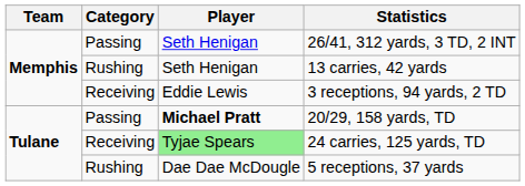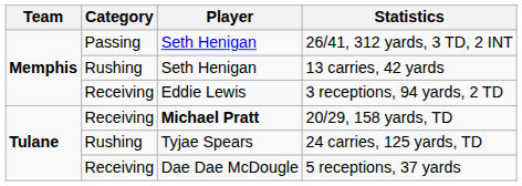 <table class="wikitable" style="float: right;">
 <tr>
 <th>Team</th>
 <th>Category</th>
 <th>Player</th>
 <th>Statistics</th>
 </tr>
 <tr>
 <td rowspan=3><strong>Memphis</strong></td>
 <td>Passing</td>
 <td><a href='#'>Seth Henigan</a></td>
 <td>26/41, 312 yards, 3 TD, 2 INT</td>
 </tr>
 <tr>
 <td>Rushing</td>
 <td>Seth Henigan</td>
 <td>13 carries, 42 yards</td>
 </tr>
 <tr>
 <td>Receiving</td>
 <td>Eddie Lewis</td>
 <td>3 receptions, 94 yards, 2 TD</td>
 </tr>
 <tr>
 <td rowspan=3><strong>Tulane</strong></td>
-<td>Passing</td>
+<td>Receiving</td>
 <td><strong>Michael Pratt</strong></td>
 <td>20/29, 158 yards, TD</td>
 </tr>
 <tr>
-<td>Receiving</td>
-<td style="background: lightgreen;">Tyjae Spears</td>
+<td>Rushing</td>
+<td>Tyjae Spears</td>
 <td>24 carries, 125 yards, TD</td>
 </tr>
 <tr>
-<td>Rushing</td>
+<td>Receiving</td>
 <td>Dae Dae McDougle</td>
 <td>5 receptions, 37 yards</td>
 </tr>
 </table>
